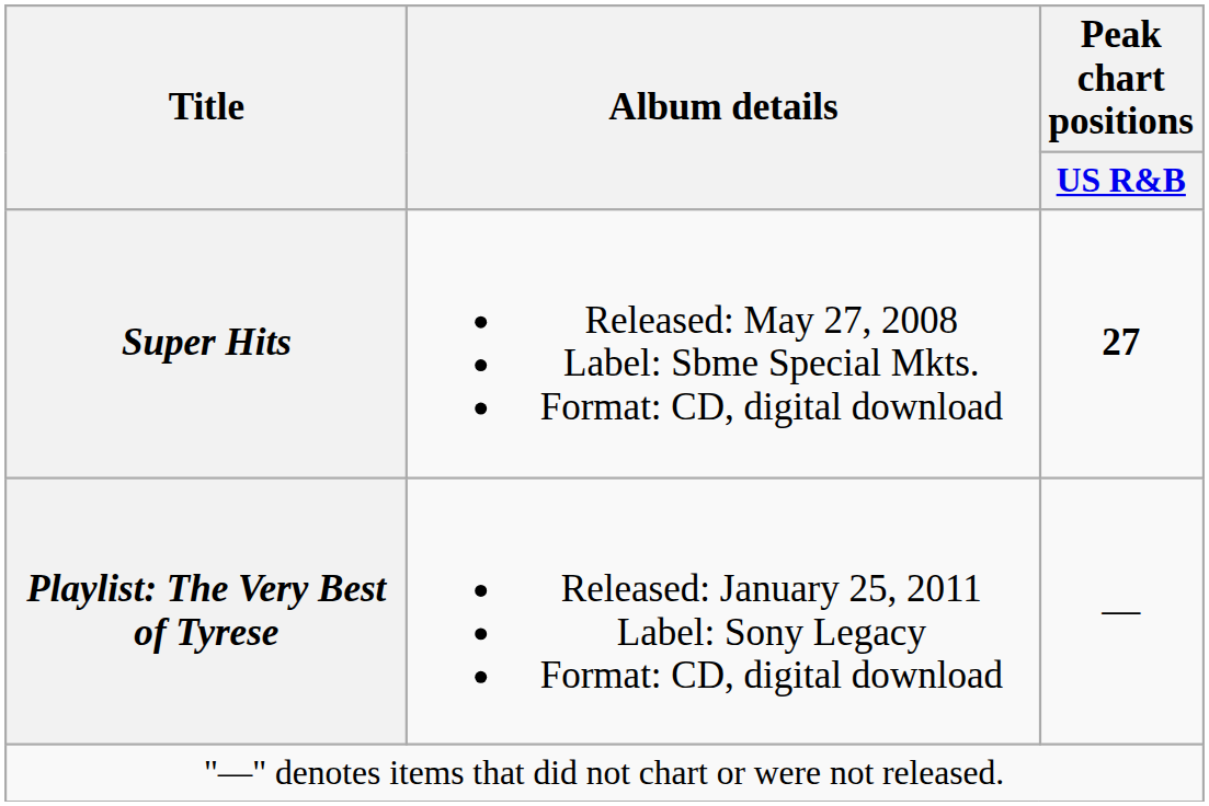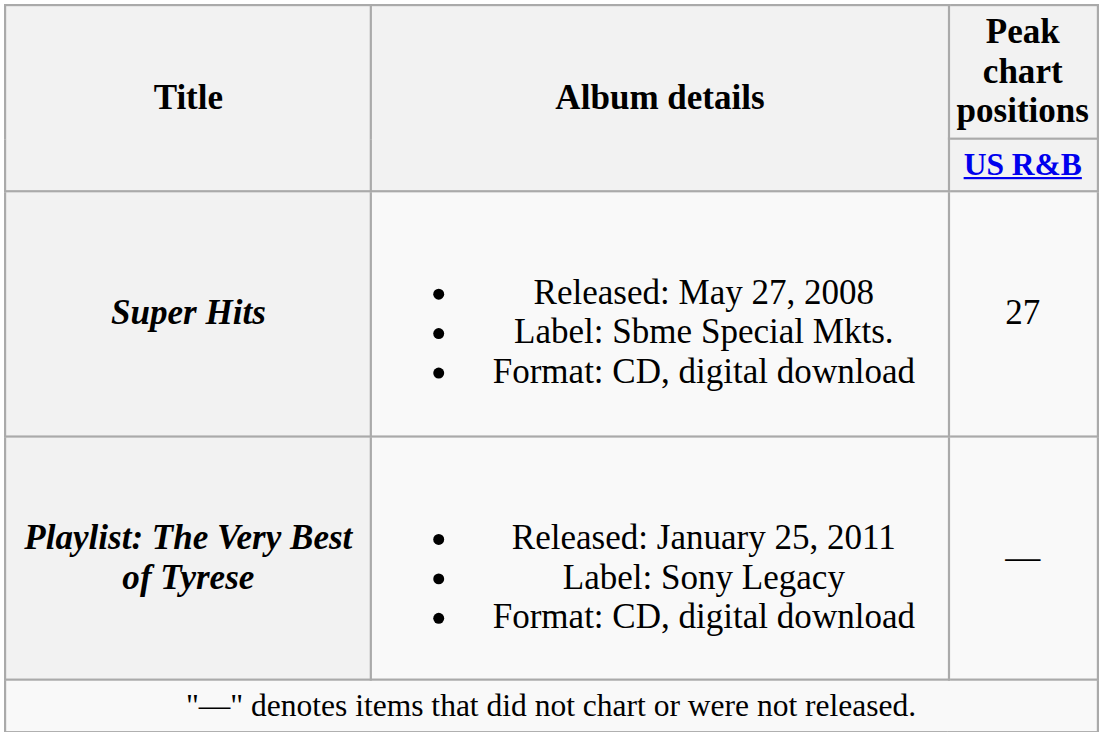 <table class="wikitable plainrowheaders" style="text-align:center;">
 <tr>
 <th scope="col" rowspan="2" style="width:10em;">Title</th>
 <th scope="col" rowspan="2" style="width:16em;">Album details</th>
 <th scope="col">Peak chart positions</th>
 </tr>
 <tr>
 <th scope="col" style="width:3em;font-size:90%;"><a href='#'>US R&B</a><br></th>
 </tr>
 <tr>
 <th scope="row"><em>Super Hits</em></th>
 <td><br><ul><li>Released: May 27, 2008</li><li>Label: Sbme Special Mkts.</li><li>Format: CD, digital download</li></ul></td>
-<td><strong>27</strong></td>
+<td>27</td>
 </tr>
 <tr>
 <th scope="row"><em>Playlist: The Very Best of Tyrese</em></th>
 <td><br><ul><li>Released: January 25, 2011</li><li>Label: Sony Legacy</li><li>Format: CD, digital download</li></ul></td>
 <td>—</td>
 </tr>
 <tr>
 <td colspan="14" style="font-size:90%">"—" denotes items that did not chart or were not released.</td>
 </tr>
 </table>
